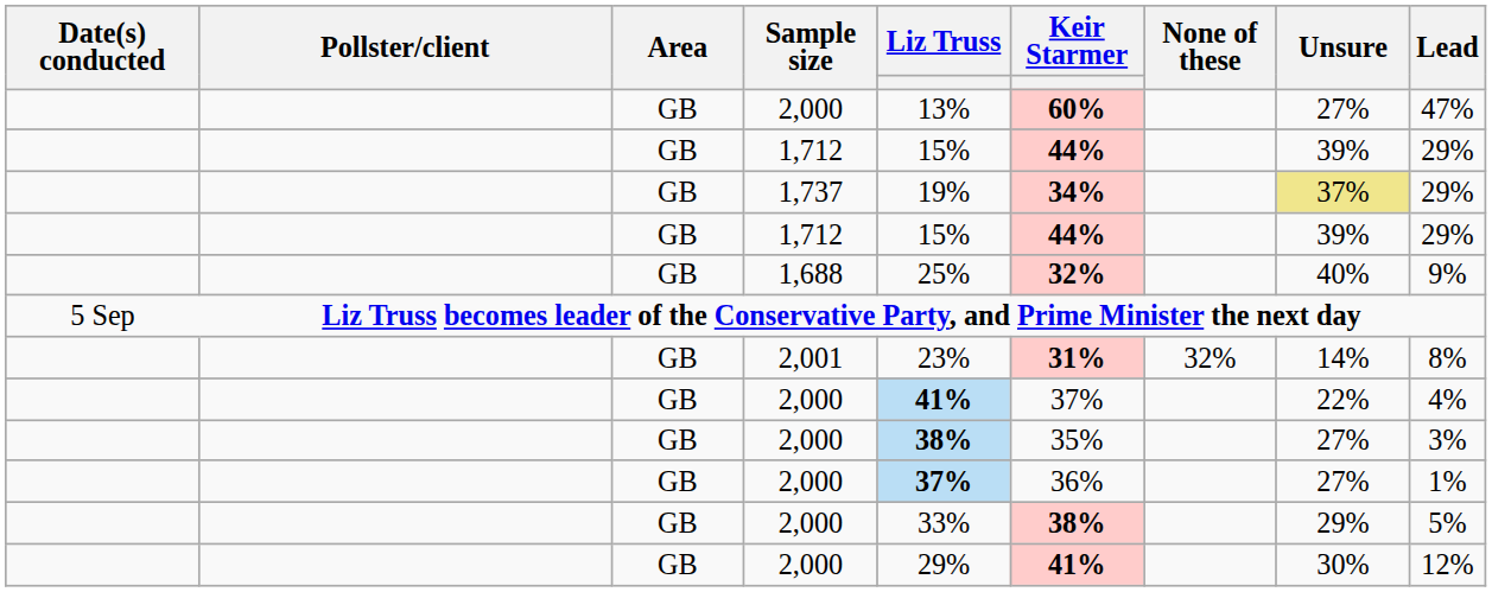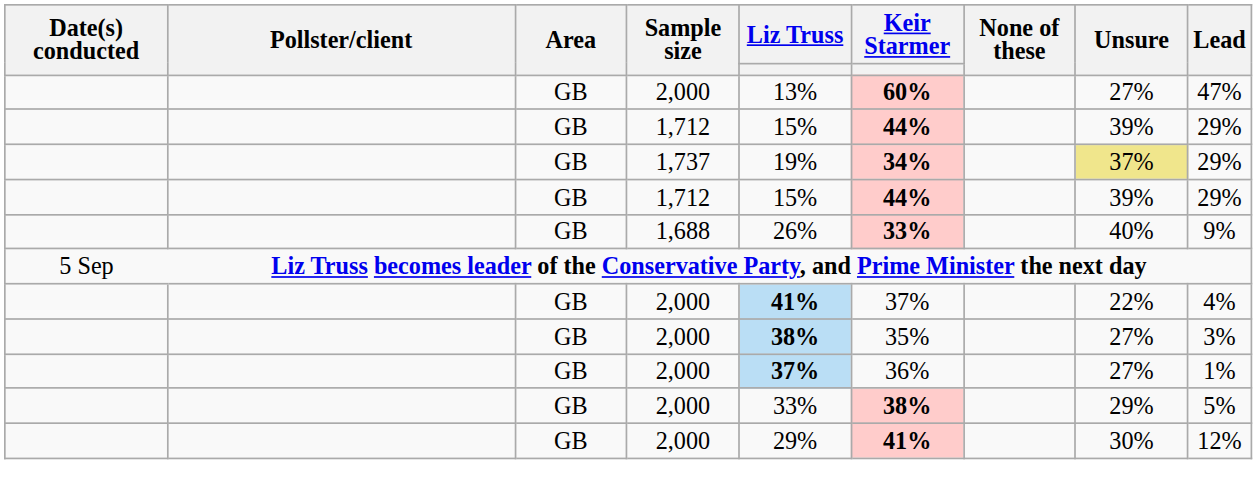 <table class="wikitable collapsible sortable mw-datatable" style="text-align:center;font-size:90%;line-height:14px">
 <tr>
 <th style="width:90px;" rowspan="2" class="unsortable">Date(s)<br>conducted</th>
 <th style="width:200px;" rowspan="2">Pollster/client</th>
 <th style="width:60px;" rowspan="2">Area</th>
 <th style="width:60px;" rowspan="2">Sample size</th>
 <th style="width:60px;" class="unsortable"><a href='#'>Liz Truss</a></th>
 <th style="width:60px;" class="unsortable"><a href='#'>Keir Starmer</a></th>
 <th style="width:60px;" rowspan="2" class="unsortable">None of these</th>
 <th style="width:60px;" rowspan="2" class="unsortable">Unsure</th>
 <th class="unsortable" style="width:20px;" rowspan="2">Lead</th>
 </tr>
 <tr>
 <th class="unsortable" style="color:inherit;background:"></th>
 <th class="unsortable" style="color:inherit;background:"></th>
 </tr>
 <tr>
 <td></td>
 <td></td>
 <td>GB</td>
 <td>2,000</td>
 <td>13%</td>
 <td style="background:#ffcccb"><strong>60%</strong></td>
 <td></td>
 <td>27%</td>
 <td style="background:">47%</td>
 </tr>
 <tr>
 <td></td>
 <td></td>
 <td>GB</td>
 <td>1,712</td>
 <td>15%</td>
 <td style="background:#ffcccb"><strong>44%</strong></td>
 <td></td>
 <td>39%</td>
 <td style="background:">29%</td>
 </tr>
 <tr>
 <td></td>
 <td></td>
 <td>GB</td>
 <td>1,737</td>
 <td>19%</td>
 <td style="background:#ffcccb"><strong>34%</strong></td>
 <td></td>
 <td style="background: khaki;">37%</td>
 <td style="background:">29%</td>
 </tr>
 <tr>
 <td></td>
 <td></td>
 <td>GB</td>
 <td>1,712</td>
 <td>15%</td>
 <td style="background:#ffcccb"><strong>44%</strong></td>
 <td></td>
 <td>39%</td>
 <td style="background:">29%</td>
 </tr>
 <tr>
 <td></td>
 <td></td>
 <td>GB</td>
 <td>1,688</td>
-<td>25%</td>
-<td style="background:#ffcccb"><strong>32%</strong></td>
+<td>26%</td>
+<td style="background:#ffcccb"><strong>33%</strong></td>
 <td></td>
 <td>40%</td>
 <td style="background:">9%</td>
 </tr>
 <tr>
 <td style="border-right-style:hidden;" data-sort-value="2022-09-05">5 Sep</td>
 <td colspan="8" style="font-weight:bold;"><a href='#'>Liz Truss</a> <a href='#'>becomes leader</a> of the <a href='#'>Conservative Party</a>, and <a href='#'>Prime Minister</a> the next day</td>
-</tr>
-<tr>
-<td></td>
-<td></td>
-<td>GB</td>
-<td>2,001</td>
-<td>23%</td>
-<td style="background:#ffcccb"><strong>31%</strong></td>
-<td>32%</td>
-<td>14%</td>
-<td style="background:">8%</td>
 </tr>
 <tr>
 <td></td>
 <td></td>
 <td>GB</td>
 <td>2,000</td>
 <td style="background:#BADEF5"><strong>41%</strong></td>
 <td>37%</td>
 <td></td>
 <td>22%</td>
 <td style="background:">4%</td>
 </tr>
 <tr>
 <td></td>
 <td></td>
 <td>GB</td>
 <td>2,000</td>
 <td style="background:#BADEF5"><strong>38%</strong></td>
 <td>35%</td>
 <td></td>
 <td>27%</td>
 <td style="background:">3%</td>
 </tr>
 <tr>
 <td></td>
 <td></td>
 <td>GB</td>
 <td>2,000</td>
 <td style="background:#BADEF5"><strong>37%</strong></td>
 <td>36%</td>
 <td></td>
 <td>27%</td>
 <td style="background:">1%</td>
 </tr>
 <tr>
 <td></td>
 <td></td>
 <td>GB</td>
 <td>2,000</td>
 <td>33%</td>
 <td style="background:#ffcccb"><strong>38%</strong></td>
 <td></td>
 <td>29%</td>
 <td style="background:">5%</td>
 </tr>
 <tr>
 <td></td>
 <td></td>
 <td>GB</td>
 <td>2,000</td>
 <td>29%</td>
 <td style="background:#ffcccb"><strong>41%</strong></td>
 <td></td>
 <td>30%</td>
 <td style="background:">12%</td>
 </tr>
 </table>
